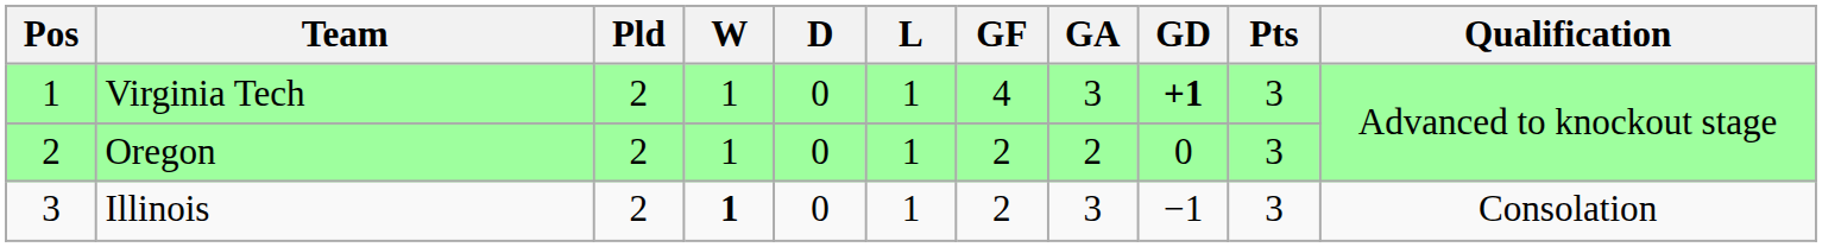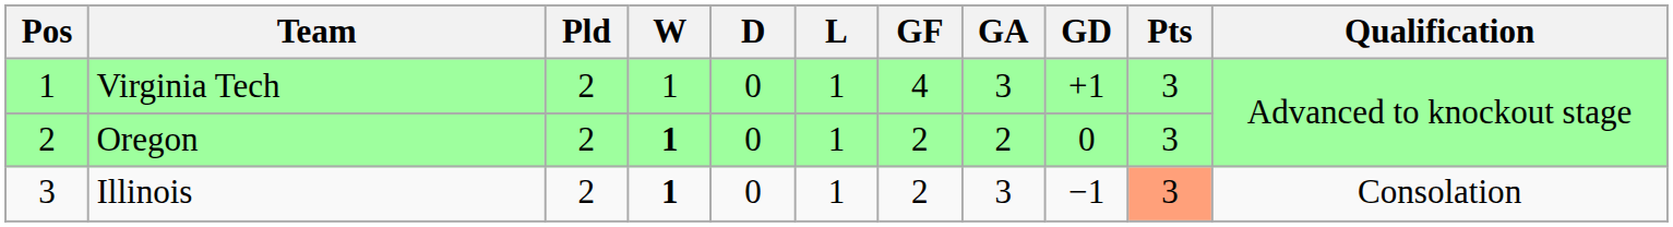 <table class="wikitable" style="text-align:center; margin: 1em auto">
 <tr>
 <th style=width:2em>Pos</th>
 <th style=width:13em>Team</th>
 <th style=width:2em>Pld</th>
 <th style=width:2em>W</th>
 <th style=width:2em>D</th>
 <th style=width:2em>L</th>
 <th style=width:2em>GF</th>
 <th style=width:2em>GA</th>
 <th style=width:2em>GD</th>
 <th style=width:2em>Pts</th>
 <th style=width:13em>Qualification</th>
 </tr>
 <tr bgcolor="#9eff9e">
 <td>1</td>
 <td style="text-align:left">Virginia Tech</td>
 <td>2</td>
 <td>1</td>
 <td>0</td>
 <td>1</td>
 <td>4</td>
 <td>3</td>
-<td><strong>+1</strong></td>
+<td>+1</td>
 <td>3</td>
 <td rowspan="2">Advanced to knockout stage</td>
 </tr>
 <tr bgcolor="#9eff9e">
 <td>2</td>
 <td style="text-align:left">Oregon</td>
 <td>2</td>
-<td>1</td>
+<td><strong>1</strong></td>
 <td>0</td>
 <td>1</td>
 <td>2</td>
 <td>2</td>
 <td>0</td>
 <td>3</td>
 </tr>
 <tr>
 <td>3</td>
 <td style="text-align:left">Illinois</td>
 <td>2</td>
 <td><strong>1</strong></td>
 <td>0</td>
 <td>1</td>
 <td>2</td>
 <td>3</td>
 <td>−1</td>
-<td>3</td>
+<td style="background: lightsalmon;">3</td>
 <td>Consolation</td>
 </tr>
 </table>
